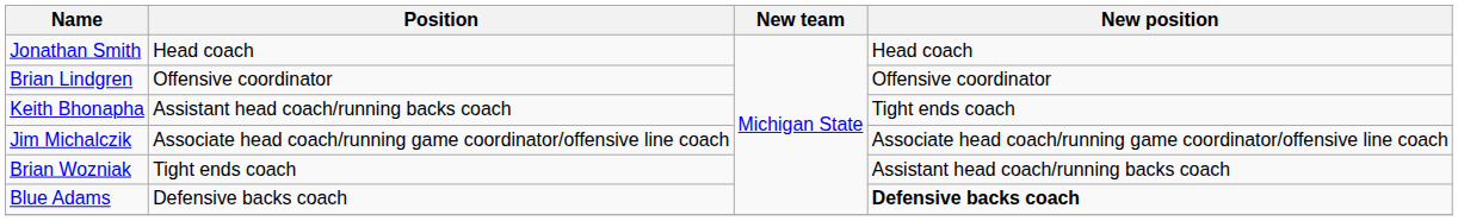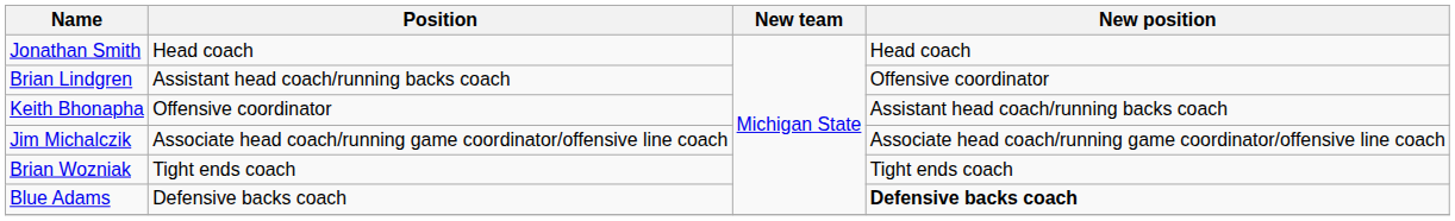 <table class="wikitable">
 <tr>
 <th style="text-align:center; ">Name</th>
 <th style="text-align:center; ">Position</th>
 <th style="text-align:center; ">New team</th>
 <th style="text-align:center; ">New position</th>
 </tr>
 <tr>
 <td><a href='#'>Jonathan Smith</a></td>
 <td>Head coach</td>
 <td rowspan="6" align=center><a href='#'>Michigan State</a></td>
 <td>Head coach</td>
 </tr>
 <tr>
 <td><a href='#'>Brian Lindgren</a></td>
-<td>Offensive coordinator</td>
+<td>Assistant head coach/running backs coach</td>
 <td>Offensive coordinator</td>
 </tr>
 <tr>
 <td><a href='#'>Keith Bhonapha</a></td>
+<td>Offensive coordinator</td>
 <td>Assistant head coach/running backs coach</td>
-<td>Tight ends coach</td>
 </tr>
 <tr>
 <td><a href='#'>Jim Michalczik</a></td>
 <td>Associate head coach/running game coordinator/offensive line coach</td>
 <td>Associate head coach/running game coordinator/offensive line coach</td>
 </tr>
 <tr>
 <td><a href='#'>Brian Wozniak</a></td>
 <td>Tight ends coach</td>
-<td>Assistant head coach/running backs coach</td>
+<td>Tight ends coach</td>
 </tr>
 <tr>
 <td><a href='#'>Blue Adams</a></td>
 <td>Defensive backs coach</td>
 <td><strong>Defensive backs coach</strong></td>
 </tr>
 <tr>
 </tr>
 </table>
